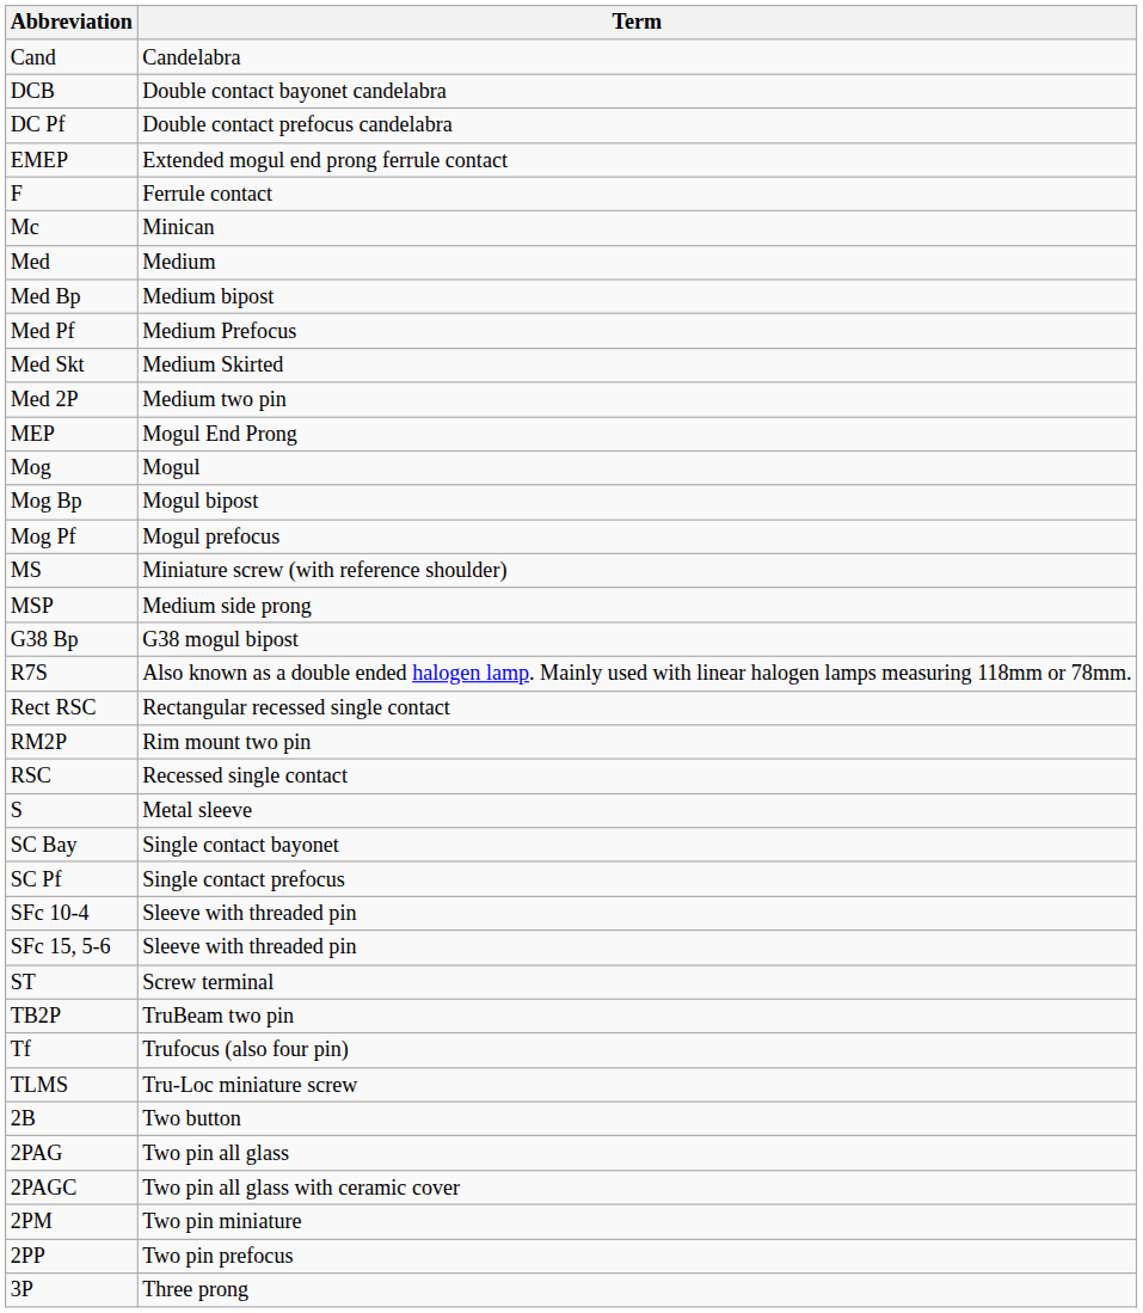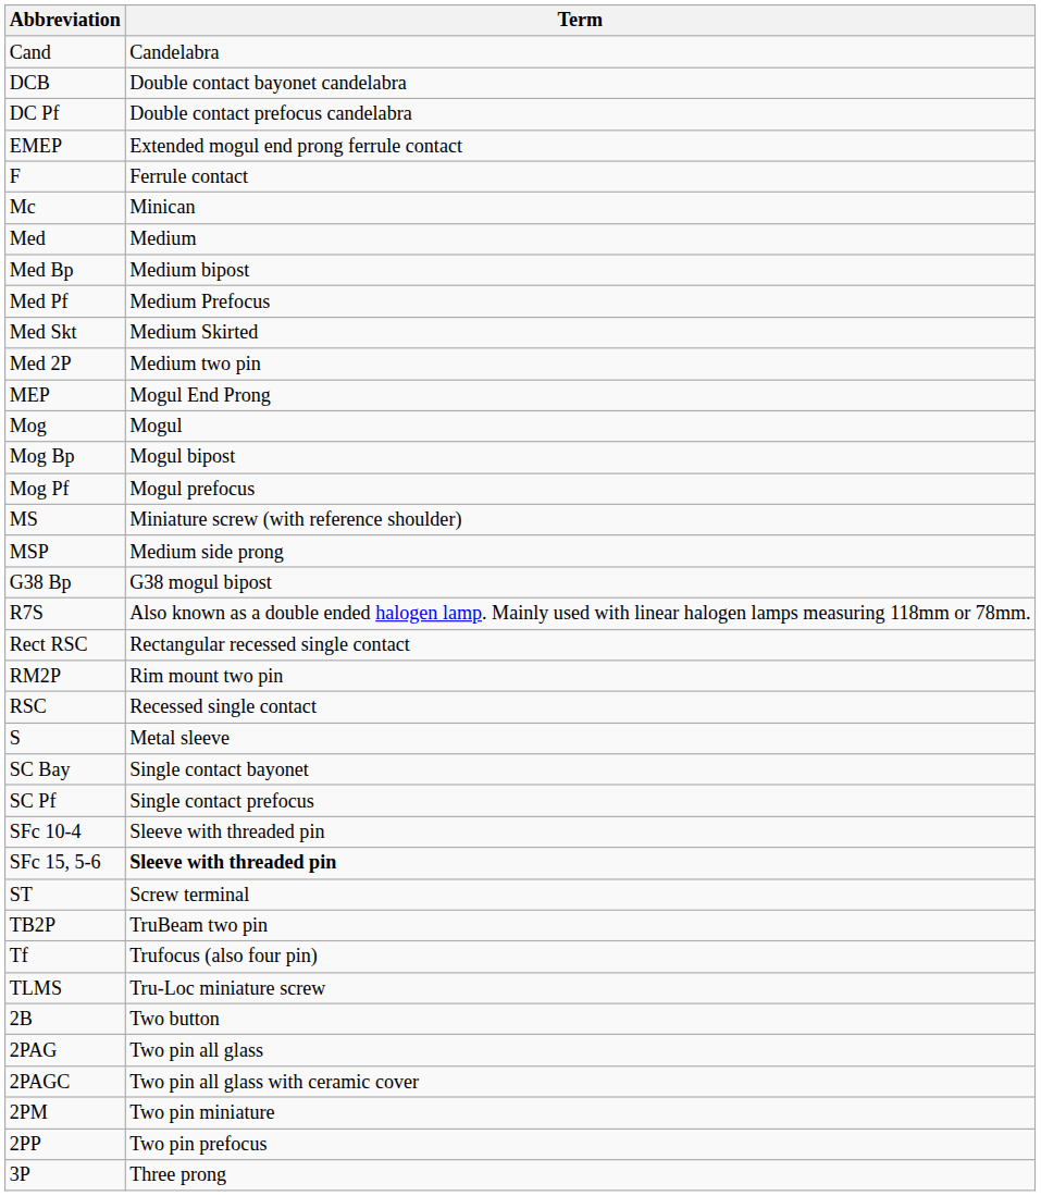 <table class="wikitable">
 <tr>
 <th>Abbreviation</th>
 <th>Term</th>
 </tr>
 <tr>
 <td>Cand</td>
 <td>Candelabra</td>
 </tr>
 <tr>
 <td>DCB</td>
 <td>Double contact bayonet candelabra</td>
 </tr>
 <tr>
 <td>DC Pf</td>
 <td>Double contact prefocus candelabra</td>
 </tr>
 <tr>
 <td>EMEP</td>
 <td>Extended mogul end prong ferrule contact</td>
 </tr>
 <tr>
 <td>F</td>
 <td>Ferrule contact</td>
 </tr>
 <tr>
 <td>Mc</td>
 <td>Minican</td>
 </tr>
 <tr>
 <td>Med</td>
 <td>Medium</td>
 </tr>
 <tr>
 <td>Med Bp</td>
 <td>Medium bipost</td>
 </tr>
 <tr>
 <td>Med Pf</td>
 <td>Medium Prefocus</td>
 </tr>
 <tr>
 <td>Med Skt</td>
 <td>Medium Skirted</td>
 </tr>
 <tr>
 <td>Med 2P</td>
 <td>Medium two pin</td>
 </tr>
 <tr>
 <td>MEP</td>
 <td>Mogul End Prong</td>
 </tr>
 <tr>
 <td>Mog</td>
 <td>Mogul</td>
 </tr>
 <tr>
 <td>Mog Bp</td>
 <td>Mogul bipost</td>
 </tr>
 <tr>
 <td>Mog Pf</td>
 <td>Mogul prefocus</td>
 </tr>
 <tr>
 <td>MS</td>
 <td>Miniature screw (with reference shoulder)</td>
 </tr>
 <tr>
 <td>MSP</td>
 <td>Medium side prong</td>
 </tr>
 <tr>
 <td>G38 Bp</td>
 <td>G38 mogul bipost</td>
 </tr>
 <tr>
 <td>R7S</td>
 <td>Also known as a double ended <a href='#'>halogen lamp</a>. Mainly used with linear halogen lamps measuring 118mm or 78mm.</td>
 </tr>
 <tr>
 <td>Rect RSC</td>
 <td>Rectangular recessed single contact</td>
 </tr>
 <tr>
 <td>RM2P</td>
 <td>Rim mount two pin</td>
 </tr>
 <tr>
 <td>RSC</td>
 <td>Recessed single contact</td>
 </tr>
 <tr>
 <td>S</td>
 <td>Metal sleeve</td>
 </tr>
 <tr>
 <td>SC Bay</td>
 <td>Single contact bayonet</td>
 </tr>
 <tr>
 <td>SC Pf</td>
 <td>Single contact prefocus</td>
 </tr>
 <tr>
 <td>SFc 10-4</td>
 <td>Sleeve with threaded pin</td>
 </tr>
 <tr>
 <td>SFc 15, 5-6</td>
-<td>Sleeve with threaded pin</td>
+<td><strong>Sleeve with threaded pin</strong></td>
 </tr>
 <tr>
 <td>ST</td>
 <td>Screw terminal</td>
 </tr>
 <tr>
 <td>TB2P</td>
 <td>TruBeam two pin</td>
 </tr>
 <tr>
 <td>Tf</td>
 <td>Trufocus (also four pin)</td>
 </tr>
 <tr>
 <td>TLMS</td>
 <td>Tru-Loc miniature screw</td>
 </tr>
 <tr>
 <td>2B</td>
 <td>Two button</td>
 </tr>
 <tr>
 <td>2PAG</td>
 <td>Two pin all glass</td>
 </tr>
 <tr>
 <td>2PAGC</td>
 <td>Two pin all glass with ceramic cover</td>
 </tr>
 <tr>
 <td>2PM</td>
 <td>Two pin miniature</td>
 </tr>
 <tr>
 <td>2PP</td>
 <td>Two pin prefocus</td>
 </tr>
 <tr>
 <td>3P</td>
 <td>Three prong</td>
 </tr>
 </table>
